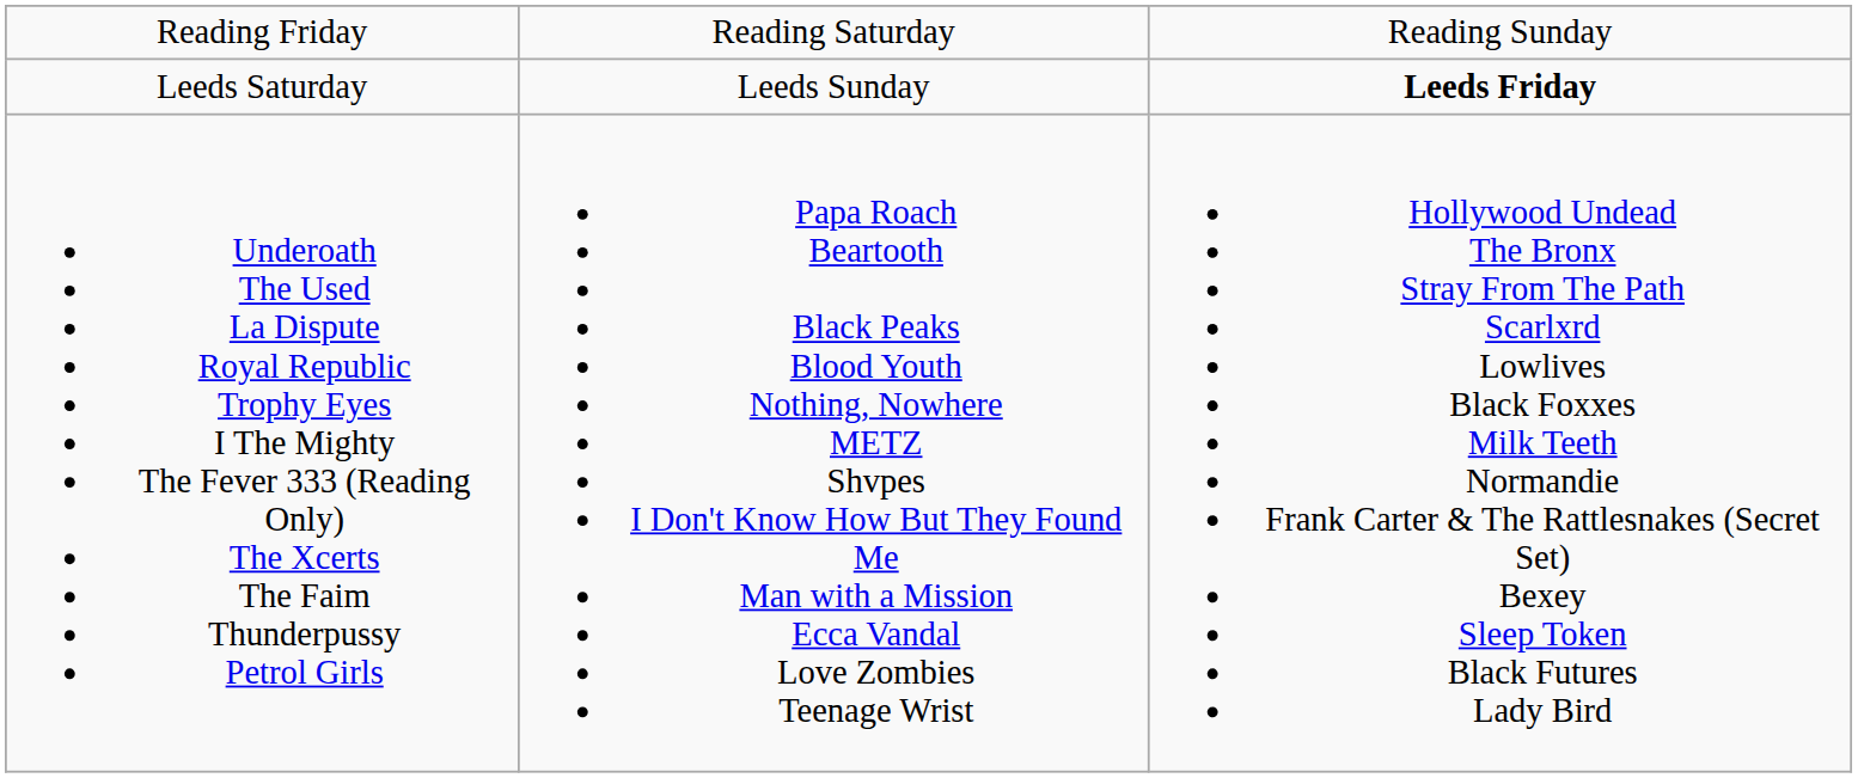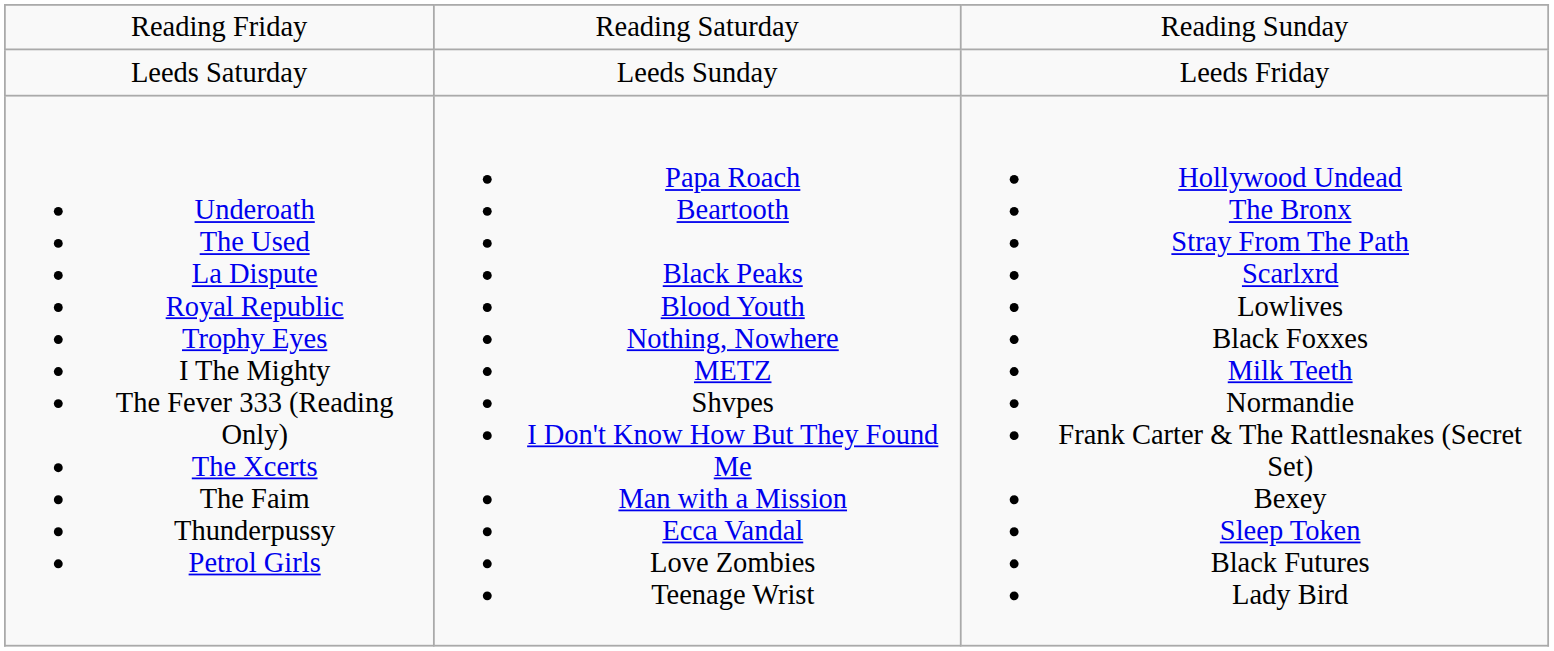 <table class="wikitable" style="text-align:center;">
 <tr>
 <td>Reading Friday</td>
 <td>Reading Saturday</td>
 <td>Reading Sunday</td>
 </tr>
 <tr>
 <td>Leeds Saturday</td>
 <td>Leeds Sunday</td>
-<td><strong>Leeds Friday</strong></td>
+<td>Leeds Friday</td>
 </tr>
 <tr>
 <td><br><ul><li><a href='#'>Underoath</a></li><li><a href='#'>The Used</a></li><li><a href='#'>La Dispute</a></li><li><a href='#'>Royal Republic</a></li><li><a href='#'>Trophy Eyes</a></li><li>I The Mighty</li><li>The Fever 333 (Reading Only)</li><li><a href='#'>The Xcerts</a></li><li>The Faim</li><li>Thunderpussy</li><li><a href='#'>Petrol Girls</a></li></ul></td>
 <td><br><ul><li><a href='#'>Papa Roach</a></li><li><a href='#'>Beartooth</a></li><li></li><li><a href='#'>Black Peaks</a></li><li><a href='#'>Blood Youth</a></li><li><a href='#'>Nothing, Nowhere</a></li><li><a href='#'>METZ</a></li><li>Shvpes</li><li><a href='#'>I Don't Know How But They Found Me</a></li><li><a href='#'>Man with a Mission</a></li><li><a href='#'>Ecca Vandal</a></li><li>Love Zombies</li><li>Teenage Wrist</li></ul></td>
 <td><br><ul><li><a href='#'>Hollywood Undead</a></li><li><a href='#'>The Bronx</a></li><li><a href='#'>Stray From The Path</a></li><li><a href='#'>Scarlxrd</a></li><li>Lowlives</li><li>Black Foxxes</li><li><a href='#'>Milk Teeth</a></li><li>Normandie</li><li>Frank Carter & The Rattlesnakes (Secret Set)</li><li>Bexey</li><li><a href='#'>Sleep Token</a></li><li>Black Futures</li><li>Lady Bird</li></ul></td>
 </tr>
 </table>
